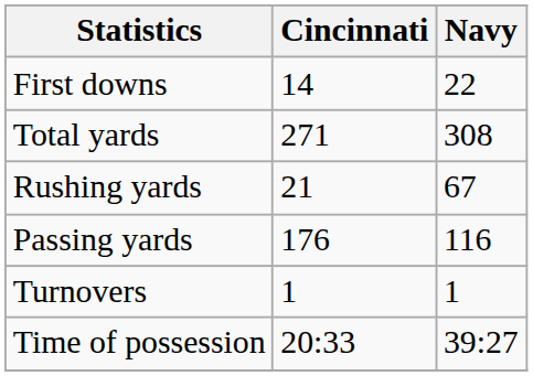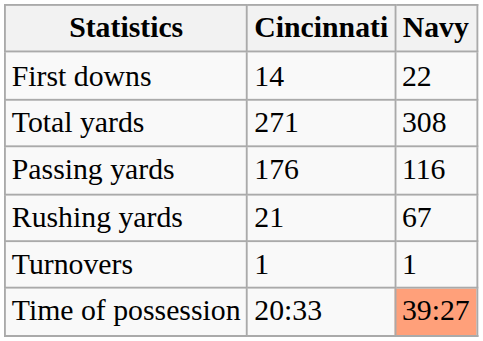 <table class="wikitable">
 <tr>
 <th>Statistics</th>
 <th>Cincinnati</th>
 <th>Navy</th>
 </tr>
 <tr>
 <td>First downs</td>
 <td>14</td>
 <td>22</td>
 </tr>
 <tr>
 <td>Total yards</td>
 <td>271</td>
 <td>308</td>
 </tr>
 <tr>
+<td>Passing yards</td>
+<td>176</td>
+<td>116</td>
+</tr>
+<tr>
 <td>Rushing yards</td>
 <td>21</td>
 <td>67</td>
-</tr>
-<tr>
-<td>Passing yards</td>
-<td>176</td>
-<td>116</td>
 </tr>
 <tr>
 <td>Turnovers</td>
 <td>1</td>
 <td>1</td>
 </tr>
 <tr>
 <td>Time of possession</td>
 <td>20:33</td>
-<td>39:27</td>
+<td style="background: lightsalmon;">39:27</td>
 </tr>
 <tr>
 </tr>
 </table>
